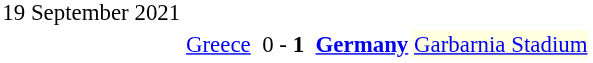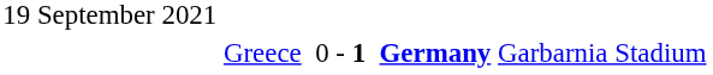 <table>
 <tr>
 <td>19 September 2021</td>
 </tr>
 <tr>
 <td></td>
 <td align=right><a href='#'>Greece</a></td>
 <td></td>
 <td>0 - <strong>1</strong></td>
 <td></td>
 <td><strong><a href='#'>Germany</a></strong></td>
-<td style="background: lightyellow;"><a href='#'>Garbarnia Stadium</a></td>
+<td><a href='#'>Garbarnia Stadium</a></td>
 </tr>
 </table>
